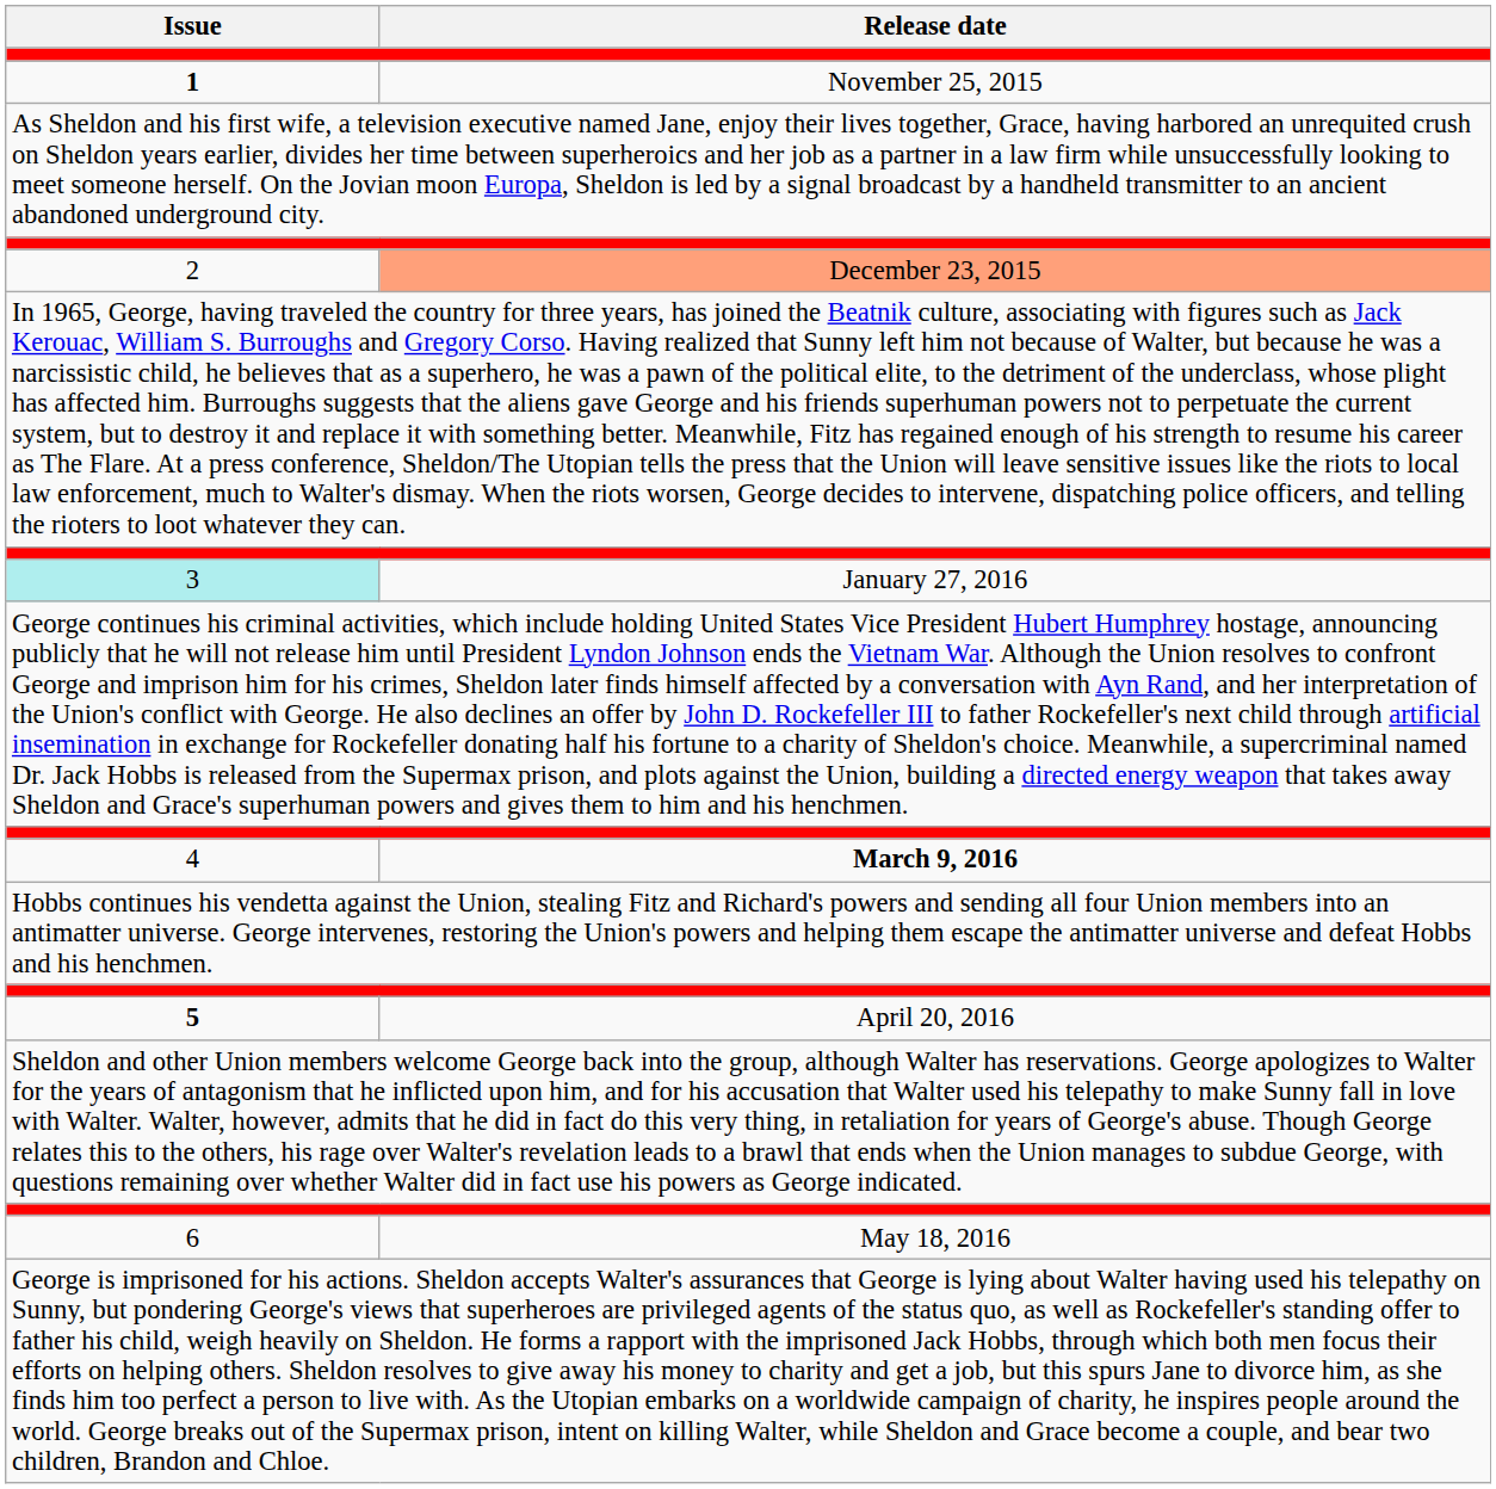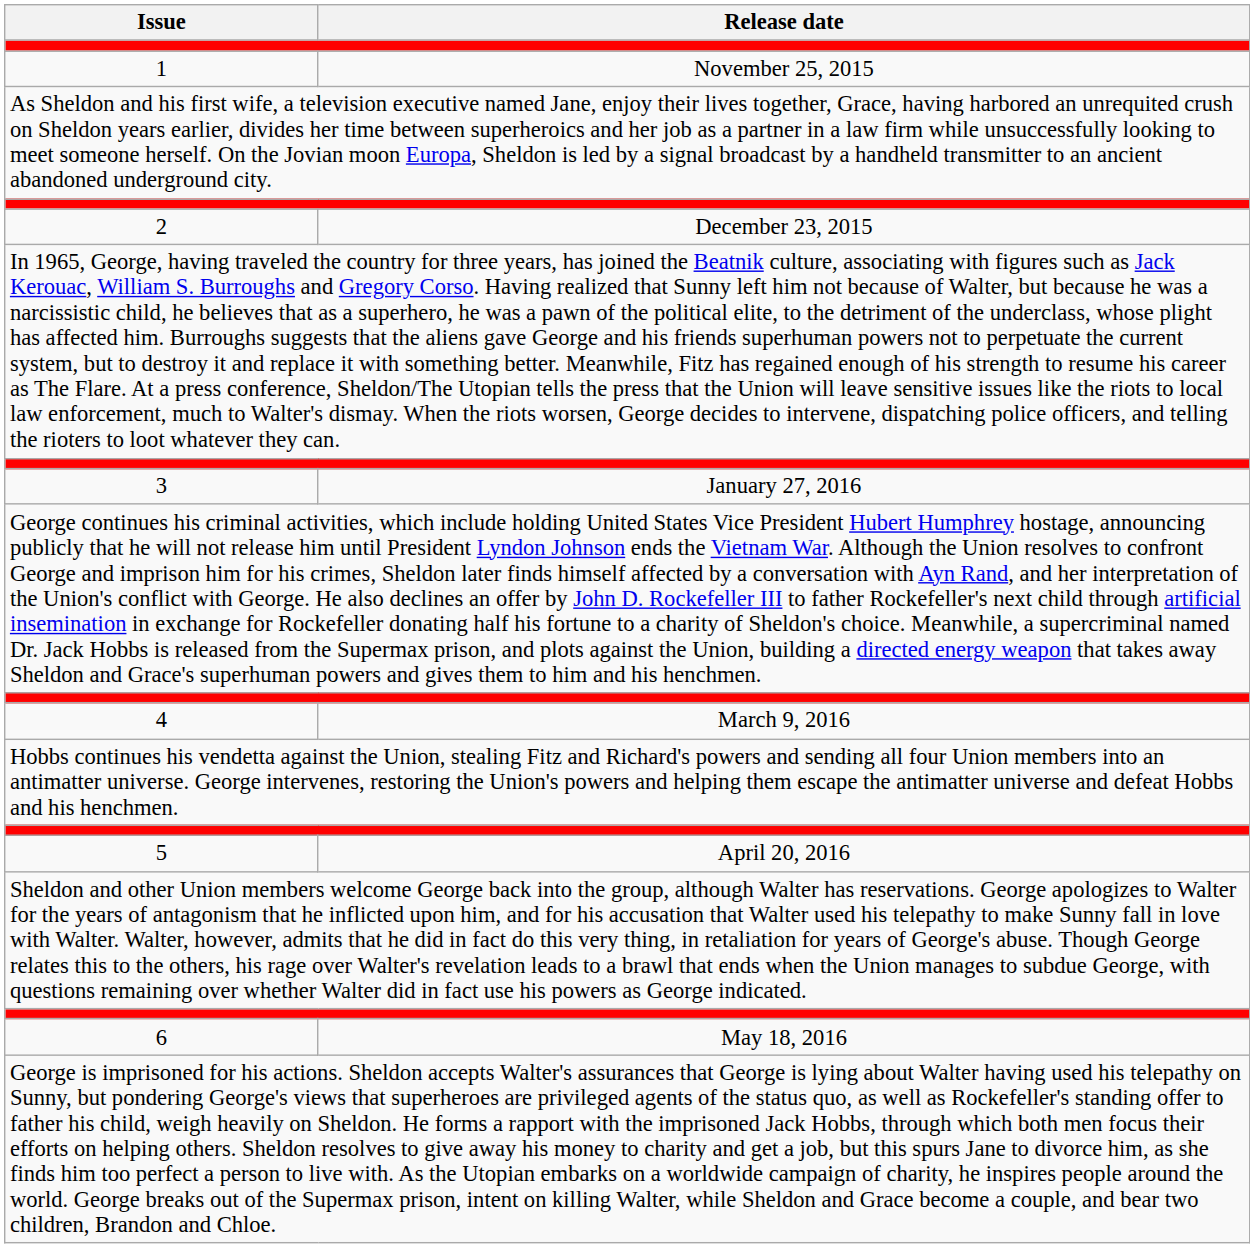 <table class="wikitable" style="width:100%;">
 <tr>
 <th>Issue</th>
 <th>Release date</th>
 </tr>
 <tr>
 <td colspan="6" style="background:red"></td>
 </tr>
 <tr style="text-align:center;">
-<td><strong>1</strong></td>
+<td>1</td>
 <td style="text-align:center;">November 25, 2015</td>
 </tr>
 <tr>
 <td colspan="6">As Sheldon and his first wife, a television executive named Jane, enjoy their lives together, Grace, having harbored an unrequited crush on Sheldon years earlier, divides her time between superheroics and her job as a partner in a law firm while unsuccessfully looking to meet someone herself. On the Jovian moon <a href='#'>Europa</a>, Sheldon is led by a signal broadcast by a handheld transmitter to an ancient abandoned underground city.</td>
 </tr>
 <tr>
 <td colspan="6" style="background:red"></td>
 </tr>
 <tr style="text-align:center;">
 <td>2</td>
-<td style="background: lightsalmon; text-align:center;">December 23, 2015</td>
+<td style="text-align:center;">December 23, 2015</td>
 </tr>
 <tr>
 <td colspan="6">In 1965, George, having traveled the country for three years, has joined the <a href='#'>Beatnik</a> culture, associating with figures such as <a href='#'>Jack Kerouac</a>, <a href='#'>William S. Burroughs</a> and <a href='#'>Gregory Corso</a>. Having realized that Sunny left him not because of Walter, but because he was a narcissistic child, he believes that as a superhero, he was a pawn of the political elite, to the detriment of the underclass, whose plight has affected him. Burroughs suggests that the aliens gave George and his friends superhuman powers not to perpetuate the current system, but to destroy it and replace it with something better. Meanwhile, Fitz has regained enough of his strength to resume his career as The Flare. At a press conference, Sheldon/The Utopian tells the press that the Union will leave sensitive issues like the riots to local law enforcement, much to Walter's dismay. When the riots worsen, George decides to intervene, dispatching police officers, and telling the rioters to loot whatever they can.</td>
 </tr>
 <tr>
 <td colspan="6" style="background:red"></td>
 </tr>
 <tr style="text-align:center;">
-<td style="background: paleturquoise;">3</td>
+<td>3</td>
 <td style="text-align:center;">January 27, 2016</td>
 </tr>
 <tr>
 <td colspan="6">George continues his criminal activities, which include holding United States Vice President <a href='#'>Hubert Humphrey</a> hostage, announcing publicly that he will not release him until President <a href='#'>Lyndon Johnson</a> ends the <a href='#'>Vietnam War</a>. Although the Union resolves to confront George and imprison him for his crimes, Sheldon later finds himself affected by a conversation with <a href='#'>Ayn Rand</a>, and her interpretation of the Union's conflict with George. He also declines an offer by <a href='#'>John D. Rockefeller III</a> to father Rockefeller's next child through <a href='#'>artificial insemination</a> in exchange for Rockefeller donating half his fortune to a charity of Sheldon's choice. Meanwhile, a supercriminal named Dr. Jack Hobbs is released from the Supermax prison, and plots against the Union, building a <a href='#'>directed energy weapon</a> that takes away Sheldon and Grace's superhuman powers and gives them to him and his henchmen.</td>
 </tr>
 <tr>
 <td colspan="6" style="background:red"></td>
 </tr>
 <tr style="text-align:center;">
 <td>4</td>
-<td style="text-align:center;"><strong>March 9, 2016</strong></td>
+<td style="text-align:center;">March 9, 2016</td>
 </tr>
 <tr>
 <td colspan="6">Hobbs continues his vendetta against the Union, stealing Fitz and Richard's powers and sending all four Union members into an antimatter universe. George intervenes, restoring the Union's powers and helping them escape the antimatter universe and defeat Hobbs and his henchmen.</td>
 </tr>
 <tr>
 <td colspan="6" style="background:red"></td>
 </tr>
 <tr style="text-align:center;">
-<td><strong>5</strong></td>
+<td>5</td>
 <td style="text-align:center;">April 20, 2016</td>
 </tr>
 <tr>
 <td colspan="6">Sheldon and other Union members welcome George back into the group, although Walter has reservations. George apologizes to Walter for the years of antagonism that he inflicted upon him, and for his accusation that Walter used his telepathy to make Sunny fall in love with Walter. Walter, however, admits that he did in fact do this very thing, in retaliation for years of George's abuse. Though George relates this to the others, his rage over Walter's revelation leads to a brawl that ends when the Union manages to subdue George, with questions remaining over whether Walter did in fact use his powers as George indicated.</td>
 </tr>
 <tr>
 <td colspan="6" style="background:red"></td>
 </tr>
 <tr style="text-align:center;">
 <td>6</td>
 <td style="text-align:center;">May 18, 2016</td>
 </tr>
 <tr>
 <td colspan="6">George is imprisoned for his actions. Sheldon accepts Walter's assurances that George is lying about Walter having used his telepathy on Sunny, but pondering George's views that superheroes are privileged agents of the status quo, as well as Rockefeller's standing offer to father his child, weigh heavily on Sheldon. He forms a rapport with the imprisoned Jack Hobbs, through which both men focus their efforts on helping others. Sheldon resolves to give away his money to charity and get a job, but this spurs Jane to divorce him, as she finds him too perfect a person to live with. As the Utopian embarks on a worldwide campaign of charity, he inspires people around the world. George breaks out of the Supermax prison, intent on killing Walter, while Sheldon and Grace become a couple, and bear two children, Brandon and Chloe.</td>
 </tr>
 </table>
